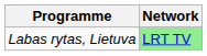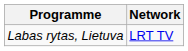 <table class="wikitable">
 <tr>
 <th>Programme</th>
 <th>Network</th>
 </tr>
 <tr>
 <td><em>Labas rytas, Lietuva</em></td>
-<td style="background: lightgreen;"><a href='#'>LRT TV</a></td>
+<td><a href='#'>LRT TV</a></td>
 </tr>
 </table>
